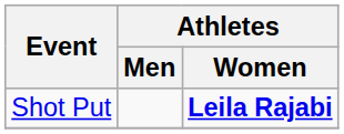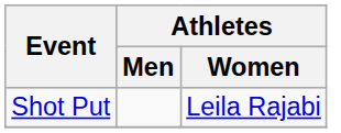 <table class=wikitable style="font-size:90%">
 <tr>
 <th rowspan=2>Event</th>
 <th colspan=2>Athletes</th>
 </tr>
 <tr>
 <th>Men</th>
 <th>Women</th>
 </tr>
 <tr>
 <td><a href='#'>Shot Put</a></td>
 <td></td>
-<td><strong><a href='#'>Leila Rajabi</a></strong></td>
+<td><a href='#'>Leila Rajabi</a></td>
 </tr>
 <tr>
 </tr>
 </table>
